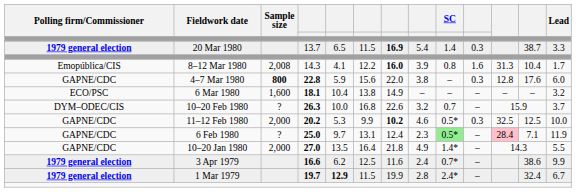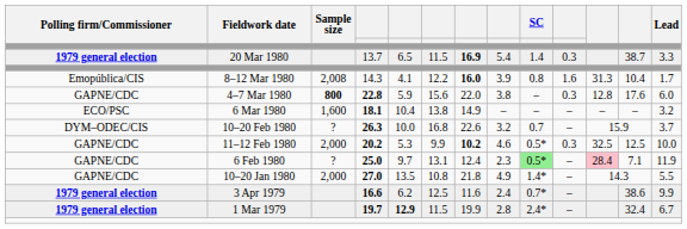 <table class="wikitable collapsible collapsed" style="text-align:center; font-size:90%; line-height:14px;">
 <tr style="height:42px;">
 <th style="width:250px;" rowspan="2">Polling firm/Commissioner</th>
 <th style="width:125px;" rowspan="2">Fieldwork date</th>
 <th style="width:50px;" rowspan="2">Sample size</th>
 <th style="width:35px;"></th>
 <th style="width:35px;"></th>
 <th style="width:35px;"></th>
 <th style="width:35px;"></th>
 <th style="width:35px;"></th>
 <th style="width:35px;"><a href='#'>SC</a></th>
 <th style="width:35px;"></th>
 <th style="width:35px;" rowspan="2"></th>
 <th style="width:35px;" rowspan="2"></th>
 <th style="width:30px;" rowspan="2">Lead</th>
 </tr>
 <tr>
 <th style="color:inherit;background:"></th>
 <th style="color:inherit;background:"></th>
 <th style="color:inherit;background:"></th>
 <th style="color:inherit;background:"></th>
 <th style="color:inherit;background:"></th>
 <th style="color:inherit;background:"></th>
 <th style="color:inherit;background:"></th>
 </tr>
 <tr>
 <td colspan="13" style="background:#A0A0A0"></td>
 </tr>
 <tr style="background:#EFEFEF;">
 <td><strong><a href='#'>1979 general election</a></strong></td>
 <td>20 Mar 1980</td>
 <td></td>
 <td>13.7</td>
 <td>6.5</td>
 <td>11.5</td>
 <td><strong>16.9</strong></td>
 <td>5.4</td>
 <td>1.4</td>
 <td>0.3</td>
 <td></td>
 <td>38.7</td>
 <td style="background:">3.3</td>
 </tr>
 <tr>
 <td colspan="13" style="background:#A0A0A0"></td>
 </tr>
 <tr>
 <td>Emopública/CIS</td>
 <td>8–12 Mar 1980</td>
 <td>2,008</td>
 <td>14.3</td>
 <td>4.1</td>
 <td>12.2</td>
 <td><strong>16.0</strong></td>
 <td>3.9</td>
 <td>0.8</td>
 <td>1.6</td>
 <td>31.3</td>
 <td>10.4</td>
 <td style="background:">1.7</td>
 </tr>
 <tr>
 <td>GAPNE/CDC</td>
 <td>4–7 Mar 1980</td>
 <td><strong>800</strong></td>
 <td><strong>22.8</strong></td>
 <td>5.9</td>
 <td>15.6</td>
 <td>22.0</td>
 <td>3.8</td>
 <td>–</td>
 <td>0.3</td>
 <td>12.8</td>
 <td>17.6</td>
 <td style="background:">6.0</td>
 </tr>
 <tr>
 <td>ECO/PSC</td>
 <td>6 Mar 1980</td>
 <td>1,600</td>
 <td><strong>18.1</strong></td>
 <td>10.4</td>
 <td>13.8</td>
 <td>14.9</td>
 <td>–</td>
 <td>–</td>
 <td>–</td>
 <td>–</td>
 <td>–</td>
 <td style="background:">3.2</td>
 </tr>
 <tr>
 <td>DYM–ODEC/CIS</td>
 <td>10–20 Feb 1980</td>
 <td>?</td>
 <td><strong>26.3</strong></td>
 <td>10.0</td>
 <td>16.8</td>
 <td>22.6</td>
 <td>3.2</td>
 <td>0.7</td>
 <td>–</td>
 <td colspan="2">15.9</td>
 <td style="background:">3.7</td>
 </tr>
 <tr>
 <td>GAPNE/CDC</td>
 <td>11–12 Feb 1980</td>
 <td>2,000</td>
 <td><strong>20.2</strong></td>
 <td>5.3</td>
 <td>9.9</td>
 <td><strong>10.2</strong></td>
 <td>4.6</td>
 <td>0.5*</td>
 <td>0.3</td>
 <td>32.5</td>
 <td>12.5</td>
 <td style="background:">10.0</td>
 </tr>
 <tr>
 <td>GAPNE/CDC</td>
 <td>6 Feb 1980</td>
 <td>?</td>
 <td><strong>25.0</strong></td>
 <td>9.7</td>
 <td>13.1</td>
 <td>12.4</td>
 <td>2.3</td>
 <td style="background: lightgreen;">0.5*</td>
 <td>–</td>
 <td style="background: pink;">28.4</td>
 <td>7.1</td>
 <td style="background:">11.9</td>
 </tr>
 <tr>
 <td>GAPNE/CDC</td>
 <td>10–20 Jan 1980</td>
 <td>2,000</td>
 <td><strong>27.0</strong></td>
 <td>13.5</td>
-<td>16.4</td>
+<td>10.8</td>
 <td>21.8</td>
 <td>4.9</td>
 <td>1.4*</td>
 <td>–</td>
 <td colspan="2">14.3</td>
 <td style="background:">5.5</td>
 </tr>
 <tr style="background:#EFEFEF;">
 <td><strong><a href='#'>1979 general election</a></strong></td>
 <td>3 Apr 1979</td>
 <td></td>
 <td><strong>16.6</strong></td>
 <td>6.2</td>
 <td>12.5</td>
 <td>11.6</td>
 <td>2.4</td>
 <td>0.7*</td>
 <td>–</td>
 <td></td>
 <td>38.6</td>
 <td style="background:">9.9</td>
 </tr>
 <tr style="background:#EFEFEF;">
 <td><strong><a href='#'>1979 general election</a></strong></td>
 <td>1 Mar 1979</td>
 <td></td>
 <td><strong>19.7</strong></td>
 <td><strong>12.9</strong></td>
 <td>11.5</td>
 <td>19.9</td>
 <td>2.8</td>
 <td>2.4*</td>
 <td>–</td>
 <td></td>
 <td>32.4</td>
 <td style="background:">6.7</td>
 </tr>
 <tr>
 <td align="left" colspan="13"></td>
 </tr>
 </table>
